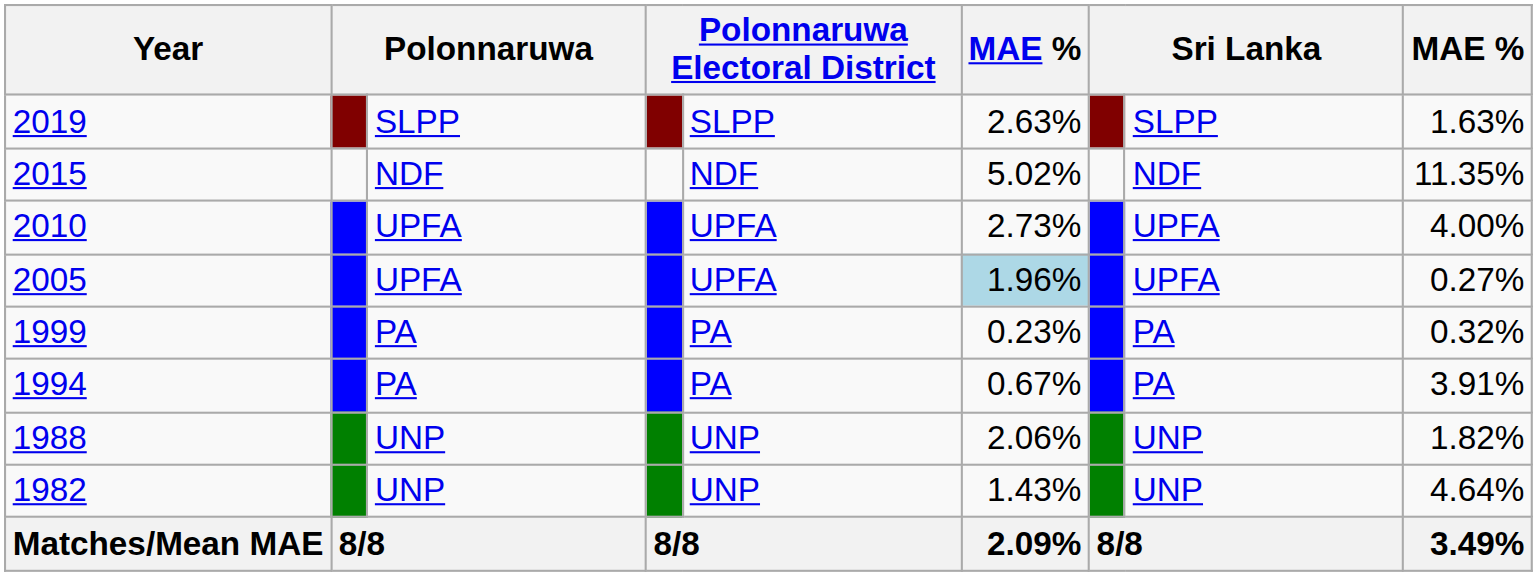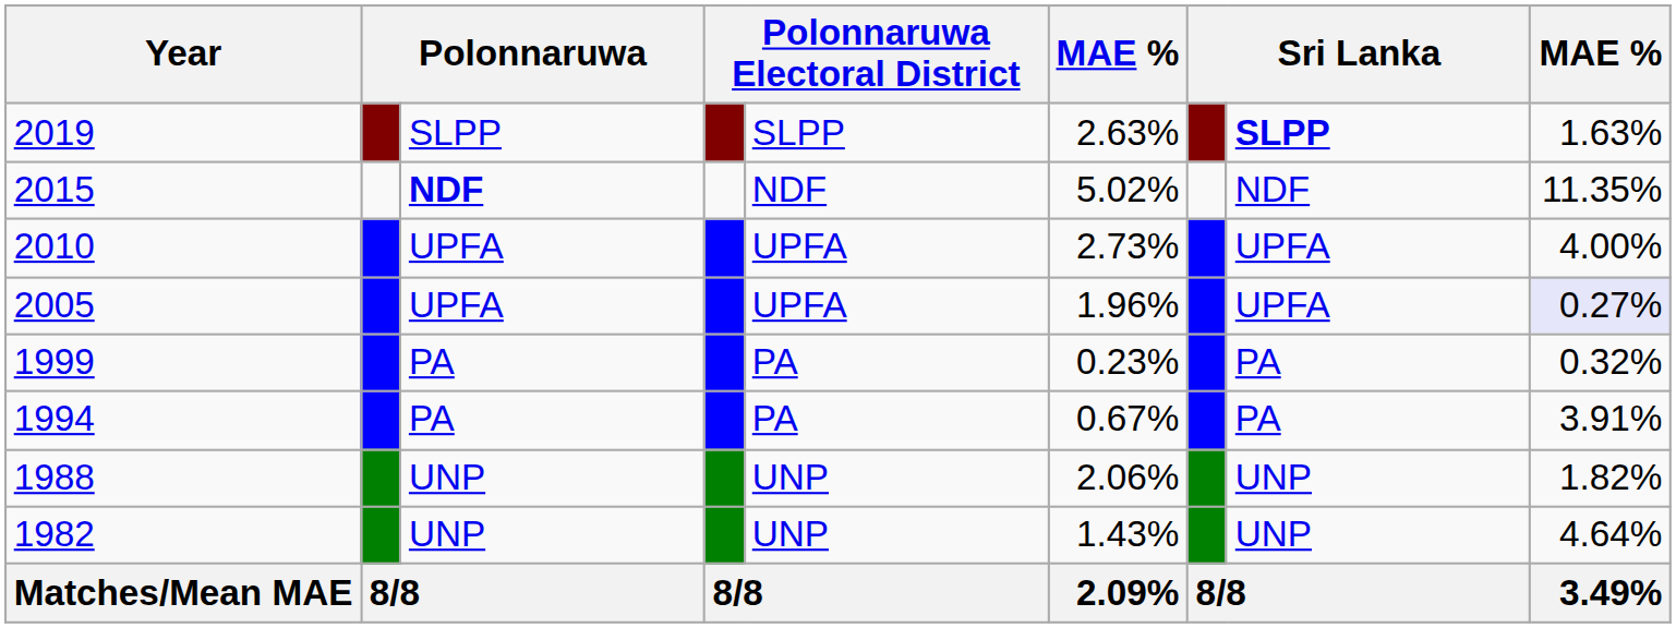 <table class="wikitable">
 <tr>
 <th>Year</th>
 <th colspan="2" width="144px">Polonnaruwa</th>
 <th colspan="2" width="144px"><a href='#'>Polonnaruwa Electoral District</a></th>
 <th><a href='#'>MAE</a> %</th>
 <th colspan="2" width="144px">Sri Lanka</th>
 <th>MAE %</th>
 </tr>
 <tr>
 <td><a href='#'>2019</a></td>
 <td style="background-color:maroon;" width="10px"></td>
 <td style="text-align:left;"><a href='#'>SLPP</a></td>
 <td style="background-color:maroon;" width="10px"></td>
 <td style="text-align:left;"><a href='#'>SLPP</a></td>
 <td style="text-align:right;">2.63%</td>
 <td style="background-color:maroon;" width="10px"></td>
-<td style="text-align:left;"><a href='#'>SLPP</a></td>
+<td style="text-align:left;"><strong><a href='#'>SLPP</a></strong></td>
 <td style="text-align:right;">1.63%</td>
 </tr>
 <tr>
 <td><a href='#'>2015</a></td>
 <td style="background-color:"></td>
-<td style="text-align:left;"><a href='#'>NDF</a></td>
+<td style="text-align:left;"><strong><a href='#'>NDF</a></strong></td>
 <td style="background-color:"></td>
 <td style="text-align:left;"><a href='#'>NDF</a></td>
 <td style="text-align:right;">5.02%</td>
 <td style="background-color:"></td>
 <td style="text-align:left;"><a href='#'>NDF</a></td>
 <td style="text-align:right;">11.35%</td>
 </tr>
 <tr>
 <td><a href='#'>2010</a></td>
 <td style="background-color:blue;" width="10px"></td>
 <td style="text-align:left;"><a href='#'>UPFA</a></td>
 <td style="background-color:blue;" width="10px"></td>
 <td style="text-align:left;"><a href='#'>UPFA</a></td>
 <td style="text-align:right;">2.73%</td>
 <td style="background-color:blue;" width="10px"></td>
 <td style="text-align:left;"><a href='#'>UPFA</a></td>
 <td style="text-align:right;">4.00%</td>
 </tr>
 <tr>
 <td><a href='#'>2005</a></td>
 <td style="background-color:blue;" width="10px"></td>
 <td style="text-align:left;"><a href='#'>UPFA</a></td>
 <td style="background-color:blue;" width="10px"></td>
 <td style="text-align:left;"><a href='#'>UPFA</a></td>
-<td style="background: lightblue; text-align:right;">1.96%</td>
+<td style="text-align:right;">1.96%</td>
 <td style="background-color:blue;" width="10px"></td>
 <td style="text-align:left;"><a href='#'>UPFA</a></td>
-<td style="text-align:right;">0.27%</td>
+<td style="background: lavender; text-align:right;">0.27%</td>
 </tr>
 <tr>
 <td><a href='#'>1999</a></td>
 <td style="background-color:blue;" width="10px"></td>
 <td style="text-align:left;"><a href='#'>PA</a></td>
 <td style="background-color:blue;" width="10px"></td>
 <td style="text-align:left;"><a href='#'>PA</a></td>
 <td style="text-align:right;">0.23%</td>
 <td style="background-color:blue;" width="10px"></td>
 <td style="text-align:left;"><a href='#'>PA</a></td>
 <td style="text-align:right;">0.32%</td>
 </tr>
 <tr>
 <td><a href='#'>1994</a></td>
 <td style="background-color:blue;" width="10px"></td>
 <td style="text-align:left;"><a href='#'>PA</a></td>
 <td style="background-color:blue;" width="10px"></td>
 <td style="text-align:left;"><a href='#'>PA</a></td>
 <td style="text-align:right;">0.67%</td>
 <td style="background-color:blue;" width="10px"></td>
 <td style="text-align:left;"><a href='#'>PA</a></td>
 <td style="text-align:right;">3.91%</td>
 </tr>
 <tr>
 <td><a href='#'>1988</a></td>
 <td style="background-color:green;" width="10px"></td>
 <td style="text-align:left;"><a href='#'>UNP</a></td>
 <td style="background-color:green;" width="10px"></td>
 <td style="text-align:left;"><a href='#'>UNP</a></td>
 <td style="text-align:right;">2.06%</td>
 <td style="background-color:green;" width="10px"></td>
 <td style="text-align:left;"><a href='#'>UNP</a></td>
 <td style="text-align:right;">1.82%</td>
 </tr>
 <tr>
 <td><a href='#'>1982</a></td>
 <td style="background-color:green;" width="10px"></td>
 <td style="text-align:left;"><a href='#'>UNP</a></td>
 <td style="background-color:green;" width="10px"></td>
 <td style="text-align:left;"><a href='#'>UNP</a></td>
 <td style="text-align:right;">1.43%</td>
 <td style="background-color:green;" width="10px"></td>
 <td style="text-align:left;"><a href='#'>UNP</a></td>
 <td style="text-align:right;">4.64%</td>
 </tr>
 <tr>
 <th>Matches/Mean MAE</th>
 <th style="text-align:left;"colspan="2" width="144px">8/8</th>
 <th style="text-align:left;"colspan="2" width="144px">8/8</th>
 <th style="text-align:right;">2.09%</th>
 <th style="text-align:left;"colspan="2" width="144px">8/8</th>
 <th style="text-align:right;">3.49%</th>
 </tr>
 </table>
